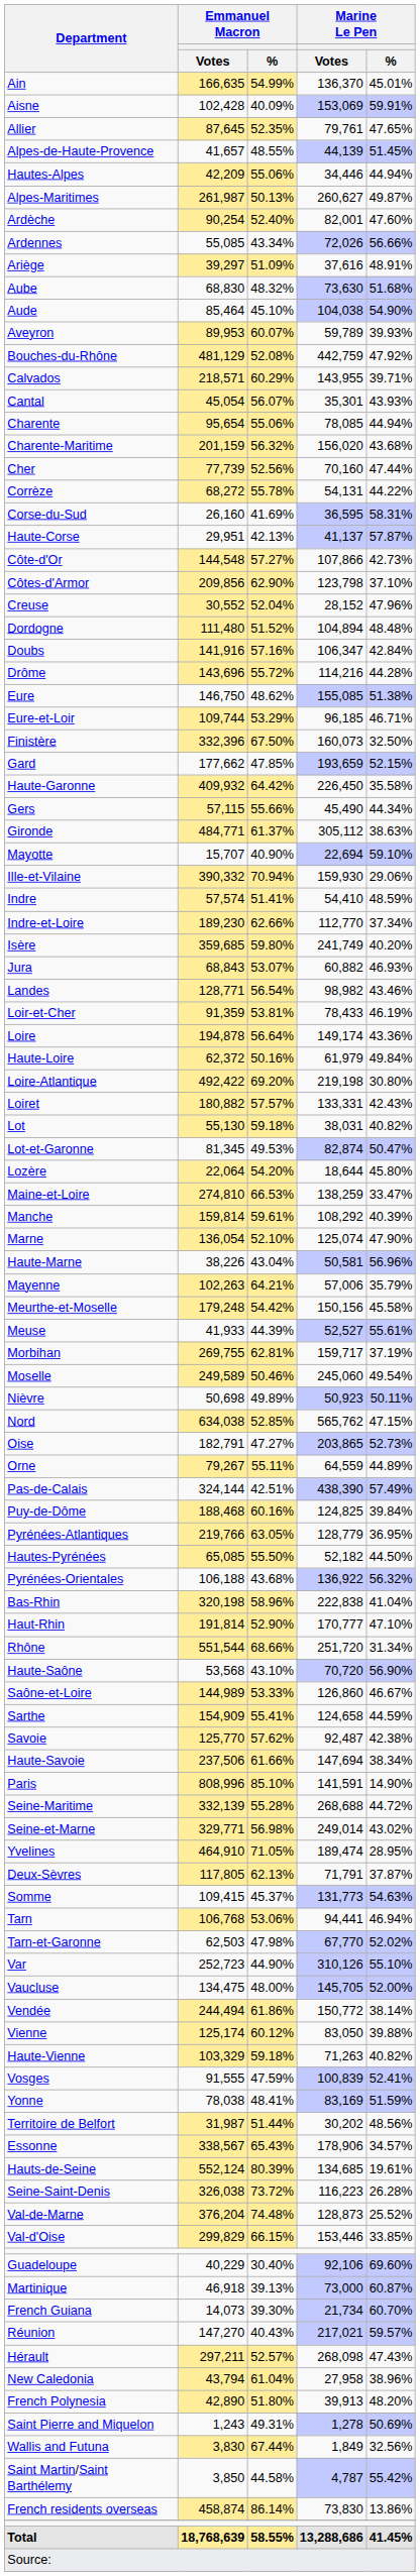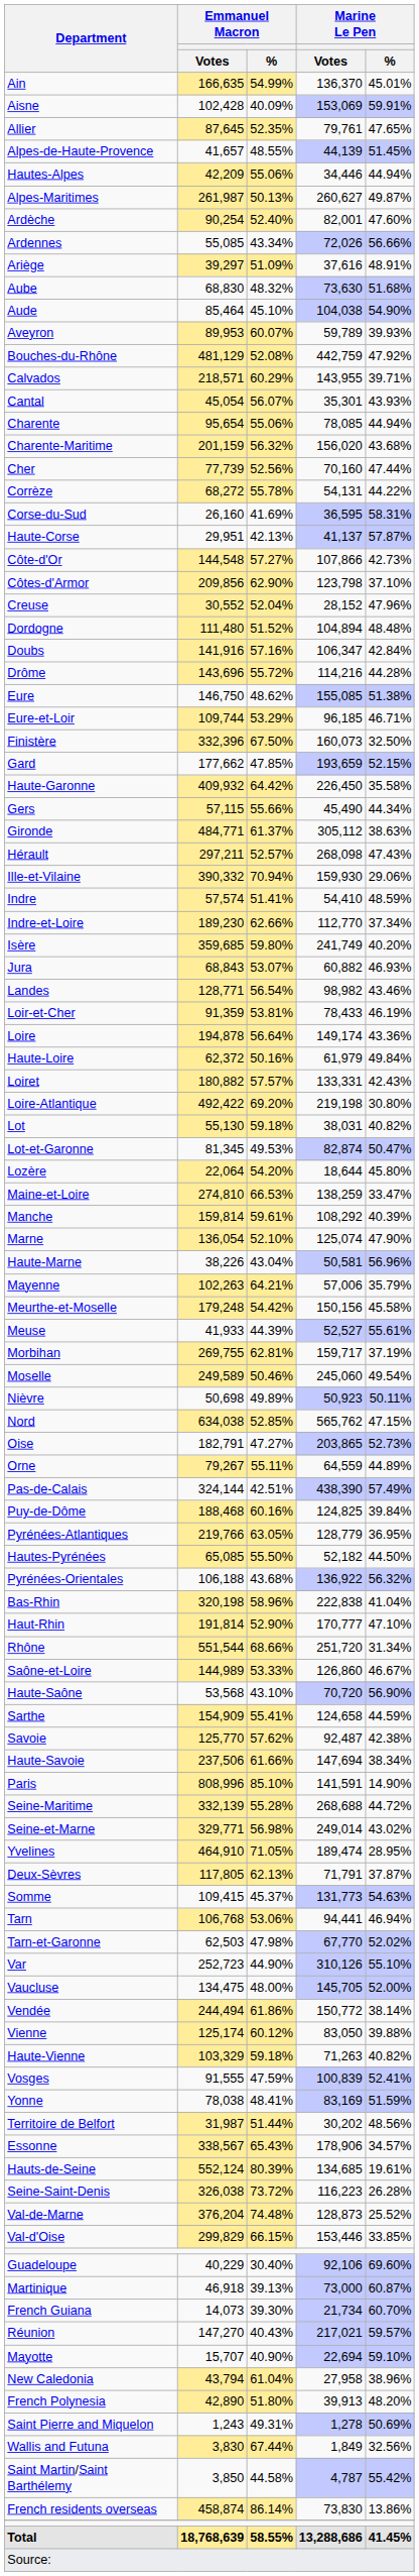 <table class="wikitable sortable collapsible collapsed mw-datatable" style="text-align:right; font-size:95%; line-height:20px">
 <tr>
 <th width="200" rowspan="3"><a href='#'>Department</a></th>
 <th width="110" colspan="2"><a href='#'>Emmanuel<br>Macron</a></th>
 <th width="110" colspan="2"><a href='#'>Marine<br>Le Pen</a></th>
 </tr>
 <tr>
 <th colspan="2" style="background:"></th>
 <th colspan="2" style="background:"></th>
 </tr>
 <tr>
 <th>Votes</th>
 <th>%</th>
 <th>Votes</th>
 <th>%</th>
 </tr>
 <tr>
 <td align="left"><a href='#'>Ain</a></td>
 <td style="background:#FFED99;">166,635</td>
 <td style="background:#FFED99;">54.99%</td>
 <td>136,370</td>
 <td>45.01%</td>
 </tr>
 <tr>
 <td align="left"><a href='#'>Aisne</a></td>
 <td>102,428</td>
 <td>40.09%</td>
 <td style="background:#C1C9FF;">153,069</td>
 <td style="background:#C1C9FF;">59.91%</td>
 </tr>
 <tr>
 <td align="left"><a href='#'>Allier</a></td>
 <td style="background:#FFED99;">87,645</td>
 <td style="background:#FFED99;">52.35%</td>
 <td>79,761</td>
 <td>47.65%</td>
 </tr>
 <tr>
 <td align="left"><a href='#'>Alpes-de-Haute-Provence</a></td>
 <td>41,657</td>
 <td>48.55%</td>
 <td style="background:#C1C9FF;">44,139</td>
 <td style="background:#C1C9FF;">51.45%</td>
 </tr>
 <tr>
 <td align="left"><a href='#'>Hautes-Alpes</a></td>
 <td style="background:#FFED99;">42,209</td>
 <td style="background:#FFED99;">55.06%</td>
 <td>34,446</td>
 <td>44.94%</td>
 </tr>
 <tr>
 <td align="left"><a href='#'>Alpes-Maritimes</a></td>
 <td style="background:#FFED99;">261,987</td>
 <td style="background:#FFED99;">50.13%</td>
 <td>260,627</td>
 <td>49.87%</td>
 </tr>
 <tr>
 <td align="left"><a href='#'>Ardèche</a></td>
 <td style="background:#FFED99;">90,254</td>
 <td style="background:#FFED99;">52.40%</td>
 <td>82,001</td>
 <td>47.60%</td>
 </tr>
 <tr>
 <td align="left"><a href='#'>Ardennes</a></td>
 <td>55,085</td>
 <td>43.34%</td>
 <td style="background:#C1C9FF;">72,026</td>
 <td style="background:#C1C9FF;">56.66%</td>
 </tr>
 <tr>
 <td align="left"><a href='#'>Ariège</a></td>
 <td style="background:#FFED99;">39,297</td>
 <td style="background:#FFED99;">51.09%</td>
 <td>37,616</td>
 <td>48.91%</td>
 </tr>
 <tr>
 <td align="left"><a href='#'>Aube</a></td>
 <td>68,830</td>
 <td>48.32%</td>
 <td style="background:#C1C9FF;">73,630</td>
 <td style="background:#C1C9FF;">51.68%</td>
 </tr>
 <tr>
 <td align="left"><a href='#'>Aude</a></td>
 <td>85,464</td>
 <td>45.10%</td>
 <td style="background:#C1C9FF;">104,038</td>
 <td style="background:#C1C9FF;">54.90%</td>
 </tr>
 <tr>
 <td align="left"><a href='#'>Aveyron</a></td>
 <td style="background:#FFED99;">89,953</td>
 <td style="background:#FFED99;">60.07%</td>
 <td>59,789</td>
 <td>39.93%</td>
 </tr>
 <tr>
 <td align="left"><a href='#'>Bouches-du-Rhône</a></td>
 <td style="background:#FFED99;">481,129</td>
 <td style="background:#FFED99;">52.08%</td>
 <td>442,759</td>
 <td>47.92%</td>
 </tr>
 <tr>
 <td align="left"><a href='#'>Calvados</a></td>
 <td style="background:#FFED99;">218,571</td>
 <td style="background:#FFED99;">60.29%</td>
 <td>143,955</td>
 <td>39.71%</td>
 </tr>
 <tr>
 <td align="left"><a href='#'>Cantal</a></td>
 <td style="background:#FFED99;">45,054</td>
 <td style="background:#FFED99;">56.07%</td>
 <td>35,301</td>
 <td>43.93%</td>
 </tr>
 <tr>
 <td align="left"><a href='#'>Charente</a></td>
 <td style="background:#FFED99;">95,654</td>
 <td style="background:#FFED99;">55.06%</td>
 <td>78,085</td>
 <td>44.94%</td>
 </tr>
 <tr>
 <td align="left"><a href='#'>Charente-Maritime</a></td>
 <td style="background:#FFED99;">201,159</td>
 <td style="background:#FFED99;">56.32%</td>
 <td>156,020</td>
 <td>43.68%</td>
 </tr>
 <tr>
 <td align="left"><a href='#'>Cher</a></td>
 <td style="background:#FFED99;">77,739</td>
 <td style="background:#FFED99;">52.56%</td>
 <td>70,160</td>
 <td>47.44%</td>
 </tr>
 <tr>
 <td align="left"><a href='#'>Corrèze</a></td>
 <td style="background:#FFED99;">68,272</td>
 <td style="background:#FFED99;">55.78%</td>
 <td>54,131</td>
 <td>44.22%</td>
 </tr>
 <tr>
 <td align="left"><a href='#'>Corse-du-Sud</a></td>
 <td>26,160</td>
 <td>41.69%</td>
 <td style="background:#C1C9FF;">36,595</td>
 <td style="background:#C1C9FF;">58.31%</td>
 </tr>
 <tr>
 <td align="left"><a href='#'>Haute-Corse</a></td>
 <td>29,951</td>
 <td>42.13%</td>
 <td style="background:#C1C9FF;">41,137</td>
 <td style="background:#C1C9FF;">57.87%</td>
 </tr>
 <tr>
 <td align="left"><a href='#'>Côte-d'Or</a></td>
 <td style="background:#FFED99;">144,548</td>
 <td style="background:#FFED99;">57.27%</td>
 <td>107,866</td>
 <td>42.73%</td>
 </tr>
 <tr>
 <td align="left"><a href='#'>Côtes-d'Armor</a></td>
 <td style="background:#FFED99;">209,856</td>
 <td style="background:#FFED99;">62.90%</td>
 <td>123,798</td>
 <td>37.10%</td>
 </tr>
 <tr>
 <td align="left"><a href='#'>Creuse</a></td>
 <td style="background:#FFED99;">30,552</td>
 <td style="background:#FFED99;">52.04%</td>
 <td>28,152</td>
 <td>47.96%</td>
 </tr>
 <tr>
 <td align="left"><a href='#'>Dordogne</a></td>
 <td style="background:#FFED99;">111,480</td>
 <td style="background:#FFED99;">51.52%</td>
 <td>104,894</td>
 <td>48.48%</td>
 </tr>
 <tr>
 <td align="left"><a href='#'>Doubs</a></td>
 <td style="background:#FFED99;">141,916</td>
 <td style="background:#FFED99;">57.16%</td>
 <td>106,347</td>
 <td>42.84%</td>
 </tr>
 <tr>
 <td align="left"><a href='#'>Drôme</a></td>
 <td style="background:#FFED99;">143,696</td>
 <td style="background:#FFED99;">55.72%</td>
 <td>114,216</td>
 <td>44.28%</td>
 </tr>
 <tr>
 <td align="left"><a href='#'>Eure</a></td>
 <td>146,750</td>
 <td>48.62%</td>
 <td style="background:#C1C9FF;">155,085</td>
 <td style="background:#C1C9FF;">51.38%</td>
 </tr>
 <tr>
 <td align="left"><a href='#'>Eure-et-Loir</a></td>
 <td style="background:#FFED99;">109,744</td>
 <td style="background:#FFED99;">53.29%</td>
 <td>96,185</td>
 <td>46.71%</td>
 </tr>
 <tr>
 <td align="left"><a href='#'>Finistère</a></td>
 <td style="background:#FFED99;">332,396</td>
 <td style="background:#FFED99;">67.50%</td>
 <td>160,073</td>
 <td>32.50%</td>
 </tr>
 <tr>
 <td align="left"><a href='#'>Gard</a></td>
 <td>177,662</td>
 <td>47.85%</td>
 <td style="background:#C1C9FF;">193,659</td>
 <td style="background:#C1C9FF;">52.15%</td>
 </tr>
 <tr>
 <td align="left"><a href='#'>Haute-Garonne</a></td>
 <td style="background:#FFED99;">409,932</td>
 <td style="background:#FFED99;">64.42%</td>
 <td>226,450</td>
 <td>35.58%</td>
 </tr>
 <tr>
 <td align="left"><a href='#'>Gers</a></td>
 <td style="background:#FFED99;">57,115</td>
 <td style="background:#FFED99;">55.66%</td>
 <td>45,490</td>
 <td>44.34%</td>
 </tr>
 <tr>
 <td align="left"><a href='#'>Gironde</a></td>
 <td style="background:#FFED99;">484,771</td>
 <td style="background:#FFED99;">61.37%</td>
 <td>305,112</td>
 <td>38.63%</td>
 </tr>
 <tr>
-<td align="left"><a href='#'>Mayotte</a></td>
-<td>15,707</td>
-<td>40.90%</td>
-<td style="background:#C1C9FF;">22,694</td>
-<td style="background:#C1C9FF;">59.10%</td>
+<td align="left"><a href='#'>Hérault</a></td>
+<td style="background:#FFED99;">297,211</td>
+<td style="background:#FFED99;">52.57%</td>
+<td>268,098</td>
+<td>47.43%</td>
 </tr>
 <tr>
 <td align="left"><a href='#'>Ille-et-Vilaine</a></td>
 <td style="background:#FFED99;">390,332</td>
 <td style="background:#FFED99;">70.94%</td>
 <td>159,930</td>
 <td>29.06%</td>
 </tr>
 <tr>
 <td align="left"><a href='#'>Indre</a></td>
 <td style="background:#FFED99;">57,574</td>
 <td style="background:#FFED99;">51.41%</td>
 <td>54,410</td>
 <td>48.59%</td>
 </tr>
 <tr>
 <td align="left"><a href='#'>Indre-et-Loire</a></td>
 <td style="background:#FFED99;">189,230</td>
 <td style="background:#FFED99;">62.66%</td>
 <td>112,770</td>
 <td>37.34%</td>
 </tr>
 <tr>
 <td align="left"><a href='#'>Isère</a></td>
 <td style="background:#FFED99;">359,685</td>
 <td style="background:#FFED99;">59.80%</td>
 <td>241,749</td>
 <td>40.20%</td>
 </tr>
 <tr>
 <td align="left"><a href='#'>Jura</a></td>
 <td style="background:#FFED99;">68,843</td>
 <td style="background:#FFED99;">53.07%</td>
 <td>60,882</td>
 <td>46.93%</td>
 </tr>
 <tr>
 <td align="left"><a href='#'>Landes</a></td>
 <td style="background:#FFED99;">128,771</td>
 <td style="background:#FFED99;">56.54%</td>
 <td>98,982</td>
 <td>43.46%</td>
 </tr>
 <tr>
 <td align="left"><a href='#'>Loir-et-Cher</a></td>
 <td style="background:#FFED99;">91,359</td>
 <td style="background:#FFED99;">53.81%</td>
 <td>78,433</td>
 <td>46.19%</td>
 </tr>
 <tr>
 <td align="left"><a href='#'>Loire</a></td>
 <td style="background:#FFED99;">194,878</td>
 <td style="background:#FFED99;">56.64%</td>
 <td>149,174</td>
 <td>43.36%</td>
 </tr>
 <tr>
 <td align="left"><a href='#'>Haute-Loire</a></td>
 <td style="background:#FFED99;">62,372</td>
 <td style="background:#FFED99;">50.16%</td>
 <td>61,979</td>
 <td>49.84%</td>
 </tr>
 <tr>
+<td align="left"><a href='#'>Loiret</a></td>
+<td style="background:#FFED99;">180,882</td>
+<td style="background:#FFED99;">57.57%</td>
+<td>133,331</td>
+<td>42.43%</td>
+</tr>
+<tr>
 <td align="left"><a href='#'>Loire-Atlantique</a></td>
 <td style="background:#FFED99;">492,422</td>
 <td style="background:#FFED99;">69.20%</td>
 <td>219,198</td>
 <td>30.80%</td>
-</tr>
-<tr>
-<td align="left"><a href='#'>Loiret</a></td>
-<td style="background:#FFED99;">180,882</td>
-<td style="background:#FFED99;">57.57%</td>
-<td>133,331</td>
-<td>42.43%</td>
 </tr>
 <tr>
 <td align="left"><a href='#'>Lot</a></td>
 <td style="background:#FFED99;">55,130</td>
 <td style="background:#FFED99;">59.18%</td>
 <td>38,031</td>
 <td>40.82%</td>
 </tr>
 <tr>
 <td align="left"><a href='#'>Lot-et-Garonne</a></td>
 <td>81,345</td>
 <td>49.53%</td>
 <td style="background:#C1C9FF;">82,874</td>
 <td style="background:#C1C9FF;">50.47%</td>
 </tr>
 <tr>
 <td align="left"><a href='#'>Lozère</a></td>
 <td style="background:#FFED99;">22,064</td>
 <td style="background:#FFED99;">54.20%</td>
 <td>18,644</td>
 <td>45.80%</td>
 </tr>
 <tr>
 <td align="left"><a href='#'>Maine-et-Loire</a></td>
 <td style="background:#FFED99;">274,810</td>
 <td style="background:#FFED99;">66.53%</td>
 <td>138,259</td>
 <td>33.47%</td>
 </tr>
 <tr>
 <td align="left"><a href='#'>Manche</a></td>
 <td style="background:#FFED99;">159,814</td>
 <td style="background:#FFED99;">59.61%</td>
 <td>108,292</td>
 <td>40.39%</td>
 </tr>
 <tr>
 <td align="left"><a href='#'>Marne</a></td>
 <td style="background:#FFED99;">136,054</td>
 <td style="background:#FFED99;">52.10%</td>
 <td>125,074</td>
 <td>47.90%</td>
 </tr>
 <tr>
 <td align="left"><a href='#'>Haute-Marne</a></td>
 <td>38,226</td>
 <td>43.04%</td>
 <td style="background:#C1C9FF;">50,581</td>
 <td style="background:#C1C9FF;">56.96%</td>
 </tr>
 <tr>
 <td align="left"><a href='#'>Mayenne</a></td>
 <td style="background:#FFED99;">102,263</td>
 <td style="background:#FFED99;">64.21%</td>
 <td>57,006</td>
 <td>35.79%</td>
 </tr>
 <tr>
 <td align="left"><a href='#'>Meurthe-et-Moselle</a></td>
 <td style="background:#FFED99;">179,248</td>
 <td style="background:#FFED99;">54.42%</td>
 <td>150,156</td>
 <td>45.58%</td>
 </tr>
 <tr>
 <td align="left"><a href='#'>Meuse</a></td>
 <td>41,933</td>
 <td>44.39%</td>
 <td style="background:#C1C9FF;">52,527</td>
 <td style="background:#C1C9FF;">55.61%</td>
 </tr>
 <tr>
 <td align="left"><a href='#'>Morbihan</a></td>
 <td style="background:#FFED99;">269,755</td>
 <td style="background:#FFED99;">62.81%</td>
 <td>159,717</td>
 <td>37.19%</td>
 </tr>
 <tr>
 <td align="left"><a href='#'>Moselle</a></td>
 <td style="background:#FFED99;">249,589</td>
 <td style="background:#FFED99;">50.46%</td>
 <td>245,060</td>
 <td>49.54%</td>
 </tr>
 <tr>
 <td align="left"><a href='#'>Nièvre</a></td>
 <td>50,698</td>
 <td>49.89%</td>
 <td style="background:#C1C9FF;">50,923</td>
 <td style="background:#C1C9FF;">50.11%</td>
 </tr>
 <tr>
 <td align="left"><a href='#'>Nord</a></td>
 <td style="background:#FFED99;">634,038</td>
 <td style="background:#FFED99;">52.85%</td>
 <td>565,762</td>
 <td>47.15%</td>
 </tr>
 <tr>
 <td align="left"><a href='#'>Oise</a></td>
 <td>182,791</td>
 <td>47.27%</td>
 <td style="background:#C1C9FF;">203,865</td>
 <td style="background:#C1C9FF;">52.73%</td>
 </tr>
 <tr>
 <td align="left"><a href='#'>Orne</a></td>
 <td style="background:#FFED99;">79,267</td>
 <td style="background:#FFED99;">55.11%</td>
 <td>64,559</td>
 <td>44.89%</td>
 </tr>
 <tr>
 <td align="left"><a href='#'>Pas-de-Calais</a></td>
 <td>324,144</td>
 <td>42.51%</td>
 <td style="background:#C1C9FF;">438,390</td>
 <td style="background:#C1C9FF;">57.49%</td>
 </tr>
 <tr>
 <td align="left"><a href='#'>Puy-de-Dôme</a></td>
 <td style="background:#FFED99;">188,468</td>
 <td style="background:#FFED99;">60.16%</td>
 <td>124,825</td>
 <td>39.84%</td>
 </tr>
 <tr>
 <td align="left"><a href='#'>Pyrénées-Atlantiques</a></td>
 <td style="background:#FFED99;">219,766</td>
 <td style="background:#FFED99;">63.05%</td>
 <td>128,779</td>
 <td>36.95%</td>
 </tr>
 <tr>
 <td align="left"><a href='#'>Hautes-Pyrénées</a></td>
 <td style="background:#FFED99;">65,085</td>
 <td style="background:#FFED99;">55.50%</td>
 <td>52,182</td>
 <td>44.50%</td>
 </tr>
 <tr>
 <td align="left"><a href='#'>Pyrénées-Orientales</a></td>
 <td>106,188</td>
 <td>43.68%</td>
 <td style="background:#C1C9FF;">136,922</td>
 <td style="background:#C1C9FF;">56.32%</td>
 </tr>
 <tr>
 <td align="left"><a href='#'>Bas-Rhin</a></td>
 <td style="background:#FFED99;">320,198</td>
 <td style="background:#FFED99;">58.96%</td>
 <td>222,838</td>
 <td>41.04%</td>
 </tr>
 <tr>
 <td align="left"><a href='#'>Haut-Rhin</a></td>
 <td style="background:#FFED99;">191,814</td>
 <td style="background:#FFED99;">52.90%</td>
 <td>170,777</td>
 <td>47.10%</td>
 </tr>
 <tr>
 <td align="left"><a href='#'>Rhône</a></td>
 <td style="background:#FFED99;">551,544</td>
 <td style="background:#FFED99;">68.66%</td>
 <td>251,720</td>
 <td>31.34%</td>
 </tr>
 <tr>
+<td align="left"><a href='#'>Saône-et-Loire</a></td>
+<td style="background:#FFED99;">144,989</td>
+<td style="background:#FFED99;">53.33%</td>
+<td>126,860</td>
+<td>46.67%</td>
+</tr>
+<tr>
 <td align="left"><a href='#'>Haute-Saône</a></td>
 <td>53,568</td>
 <td>43.10%</td>
 <td style="background:#C1C9FF;">70,720</td>
 <td style="background:#C1C9FF;">56.90%</td>
-</tr>
-<tr>
-<td align="left"><a href='#'>Saône-et-Loire</a></td>
-<td style="background:#FFED99;">144,989</td>
-<td style="background:#FFED99;">53.33%</td>
-<td>126,860</td>
-<td>46.67%</td>
 </tr>
 <tr>
 <td align="left"><a href='#'>Sarthe</a></td>
 <td style="background:#FFED99;">154,909</td>
 <td style="background:#FFED99;">55.41%</td>
 <td>124,658</td>
 <td>44.59%</td>
 </tr>
 <tr>
 <td align="left"><a href='#'>Savoie</a></td>
 <td style="background:#FFED99;">125,770</td>
 <td style="background:#FFED99;">57.62%</td>
 <td>92,487</td>
 <td>42.38%</td>
 </tr>
 <tr>
 <td align="left"><a href='#'>Haute-Savoie</a></td>
 <td style="background:#FFED99;">237,506</td>
 <td style="background:#FFED99;">61.66%</td>
 <td>147,694</td>
 <td>38.34%</td>
 </tr>
 <tr>
 <td align="left"><a href='#'>Paris</a></td>
 <td style="background:#FFED99;">808,996</td>
 <td style="background:#FFED99;">85.10%</td>
 <td>141,591</td>
 <td>14.90%</td>
 </tr>
 <tr>
 <td align="left"><a href='#'>Seine-Maritime</a></td>
 <td style="background:#FFED99;">332,139</td>
 <td style="background:#FFED99;">55.28%</td>
 <td>268,688</td>
 <td>44.72%</td>
 </tr>
 <tr>
 <td align="left"><a href='#'>Seine-et-Marne</a></td>
 <td style="background:#FFED99;">329,771</td>
 <td style="background:#FFED99;">56.98%</td>
 <td>249,014</td>
 <td>43.02%</td>
 </tr>
 <tr>
 <td align="left"><a href='#'>Yvelines</a></td>
 <td style="background:#FFED99;">464,910</td>
 <td style="background:#FFED99;">71.05%</td>
 <td>189,474</td>
 <td>28.95%</td>
 </tr>
 <tr>
 <td align="left"><a href='#'>Deux-Sèvres</a></td>
 <td style="background:#FFED99;">117,805</td>
 <td style="background:#FFED99;">62.13%</td>
 <td>71,791</td>
 <td>37.87%</td>
 </tr>
 <tr>
 <td align="left"><a href='#'>Somme</a></td>
 <td>109,415</td>
 <td>45.37%</td>
 <td style="background:#C1C9FF;">131,773</td>
 <td style="background:#C1C9FF;">54.63%</td>
 </tr>
 <tr>
 <td align="left"><a href='#'>Tarn</a></td>
 <td style="background:#FFED99;">106,768</td>
 <td style="background:#FFED99;">53.06%</td>
 <td>94,441</td>
 <td>46.94%</td>
 </tr>
 <tr>
 <td align="left"><a href='#'>Tarn-et-Garonne</a></td>
 <td>62,503</td>
 <td>47.98%</td>
 <td style="background:#C1C9FF;">67,770</td>
 <td style="background:#C1C9FF;">52.02%</td>
 </tr>
 <tr>
 <td align="left"><a href='#'>Var</a></td>
 <td>252,723</td>
 <td>44.90%</td>
 <td style="background:#C1C9FF;">310,126</td>
 <td style="background:#C1C9FF;">55.10%</td>
 </tr>
 <tr>
 <td align="left"><a href='#'>Vaucluse</a></td>
 <td>134,475</td>
 <td>48.00%</td>
 <td style="background:#C1C9FF;">145,705</td>
 <td style="background:#C1C9FF;">52.00%</td>
 </tr>
 <tr>
 <td align="left"><a href='#'>Vendée</a></td>
 <td style="background:#FFED99;">244,494</td>
 <td style="background:#FFED99;">61.86%</td>
 <td>150,772</td>
 <td>38.14%</td>
 </tr>
 <tr>
 <td align="left"><a href='#'>Vienne</a></td>
 <td style="background:#FFED99;">125,174</td>
 <td style="background:#FFED99;">60.12%</td>
 <td>83,050</td>
 <td>39.88%</td>
 </tr>
 <tr>
 <td align="left"><a href='#'>Haute-Vienne</a></td>
 <td style="background:#FFED99;">103,329</td>
 <td style="background:#FFED99;">59.18%</td>
 <td>71,263</td>
 <td>40.82%</td>
 </tr>
 <tr>
 <td align="left"><a href='#'>Vosges</a></td>
 <td>91,555</td>
 <td>47.59%</td>
 <td style="background:#C1C9FF;">100,839</td>
 <td style="background:#C1C9FF;">52.41%</td>
 </tr>
 <tr>
 <td align="left"><a href='#'>Yonne</a></td>
 <td>78,038</td>
 <td>48.41%</td>
 <td style="background:#C1C9FF;">83,169</td>
 <td style="background:#C1C9FF;">51.59%</td>
 </tr>
 <tr>
 <td align="left"><a href='#'>Territoire de Belfort</a></td>
 <td style="background:#FFED99;">31,987</td>
 <td style="background:#FFED99;">51.44%</td>
 <td>30,202</td>
 <td>48.56%</td>
 </tr>
 <tr>
 <td align="left"><a href='#'>Essonne</a></td>
 <td style="background:#FFED99;">338,567</td>
 <td style="background:#FFED99;">65.43%</td>
 <td>178,906</td>
 <td>34.57%</td>
 </tr>
 <tr>
 <td align="left"><a href='#'>Hauts-de-Seine</a></td>
 <td style="background:#FFED99;">552,124</td>
 <td style="background:#FFED99;">80.39%</td>
 <td>134,685</td>
 <td>19.61%</td>
 </tr>
 <tr>
 <td align="left"><a href='#'>Seine-Saint-Denis</a></td>
 <td style="background:#FFED99;">326,038</td>
 <td style="background:#FFED99;">73.72%</td>
 <td>116,223</td>
 <td>26.28%</td>
 </tr>
 <tr>
 <td align="left"><a href='#'>Val-de-Marne</a></td>
 <td style="background:#FFED99;">376,204</td>
 <td style="background:#FFED99;">74.48%</td>
 <td>128,873</td>
 <td>25.52%</td>
 </tr>
 <tr>
 <td align="left"><a href='#'>Val-d'Oise</a></td>
 <td style="background:#FFED99;">299,829</td>
 <td style="background:#FFED99;">66.15%</td>
 <td>153,446</td>
 <td>33.85%</td>
 </tr>
 <tr class="sortbottom">
 <td colspan="5"></td>
 </tr>
 <tr>
 <td align="left"><a href='#'>Guadeloupe</a></td>
 <td>40,229</td>
 <td>30.40%</td>
 <td style="background:#C1C9FF;">92,106</td>
 <td style="background:#C1C9FF;">69.60%</td>
 </tr>
 <tr>
 <td align="left"><a href='#'>Martinique</a></td>
 <td>46,918</td>
 <td>39.13%</td>
 <td style="background:#C1C9FF;">73,000</td>
 <td style="background:#C1C9FF;">60.87%</td>
 </tr>
 <tr>
 <td align="left"><a href='#'>French Guiana</a></td>
 <td>14,073</td>
 <td>39.30%</td>
 <td style="background:#C1C9FF;">21,734</td>
 <td style="background:#C1C9FF;">60.70%</td>
 </tr>
 <tr>
 <td align="left"><a href='#'>Réunion</a></td>
 <td>147,270</td>
 <td>40.43%</td>
 <td style="background:#C1C9FF;">217,021</td>
 <td style="background:#C1C9FF;">59.57%</td>
 </tr>
 <tr>
-<td align="left"><a href='#'>Hérault</a></td>
-<td style="background:#FFED99;">297,211</td>
-<td style="background:#FFED99;">52.57%</td>
-<td>268,098</td>
-<td>47.43%</td>
+<td align="left"><a href='#'>Mayotte</a></td>
+<td>15,707</td>
+<td>40.90%</td>
+<td style="background:#C1C9FF;">22,694</td>
+<td style="background:#C1C9FF;">59.10%</td>
 </tr>
 <tr>
 <td align="left"><a href='#'>New Caledonia</a></td>
 <td style="background:#FFED99;">43,794</td>
 <td style="background:#FFED99;">61.04%</td>
 <td>27,958</td>
 <td>38.96%</td>
 </tr>
 <tr>
 <td align="left"><a href='#'>French Polynesia</a></td>
 <td style="background:#FFED99;">42,890</td>
 <td style="background:#FFED99;">51.80%</td>
 <td>39,913</td>
 <td>48.20%</td>
 </tr>
 <tr>
 <td align="left"><a href='#'>Saint Pierre and Miquelon</a></td>
 <td>1,243</td>
 <td>49.31%</td>
 <td style="background:#C1C9FF;">1,278</td>
 <td style="background:#C1C9FF;">50.69%</td>
 </tr>
 <tr>
 <td align="left"><a href='#'>Wallis and Futuna</a></td>
 <td style="background:#FFED99;">3,830</td>
 <td style="background:#FFED99;">67.44%</td>
 <td>1,849</td>
 <td>32.56%</td>
 </tr>
 <tr>
 <td align="left"><a href='#'>Saint Martin</a>/<a href='#'>Saint Barthélemy</a></td>
 <td>3,850</td>
 <td>44.58%</td>
 <td style="background:#C1C9FF;">4,787</td>
 <td style="background:#C1C9FF;">55.42%</td>
 </tr>
 <tr>
 <td align="left"><a href='#'>French residents overseas</a></td>
 <td style="background:#FFED99;">458,874</td>
 <td style="background:#FFED99;">86.14%</td>
 <td>73,830</td>
 <td>13.86%</td>
 </tr>
 <tr>
 </tr>
 <tr class="sortbottom">
 <td colspan="5"></td>
 </tr>
 <tr class="sortbottom" style="font-weight:bold; background:#E4E4E4;">
 <td align="left">Total</td>
 <td style="background:#FFED99;">18,768,639</td>
 <td style="background:#FFED99;">58.55%</td>
 <td>13,288,686</td>
 <td>41.45%</td>
 </tr>
 <tr class="sortbottom">
 <td colspan="5" style="text-align:left; background-color:#eaecf0">Source: </td>
 </tr>
 </table>
